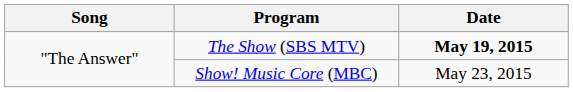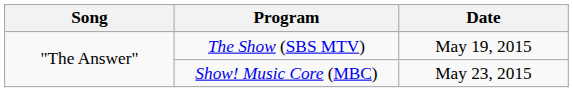 <table class="wikitable" style="text-align:center;">
 <tr>
 <th style="width:150px;">Song</th>
 <th style="width:200px;">Program</th>
 <th style="width:150px;">Date</th>
 </tr>
 <tr>
 <td rowspan="2">"The Answer"</td>
 <td><em><a href='#'>The Show</a></em> (<a href='#'>SBS MTV</a>)</td>
-<td><strong>May 19, 2015</strong></td>
+<td>May 19, 2015</td>
 </tr>
 <tr>
 <td><em><a href='#'>Show! Music Core</a></em> (<a href='#'>MBC</a>)</td>
 <td>May 23, 2015</td>
 </tr>
 </table>
